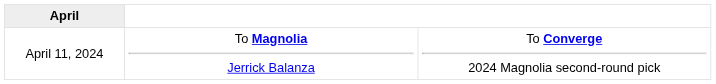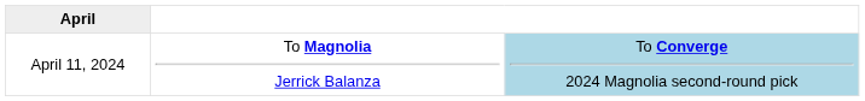 <table border=1 style="border-collapse:collapse; text-align: center; width: 100%" bordercolor="#DFDFDF"  cellpadding="5">
 <tr bgcolor="eeeeee">
 <th>April</th>
 </tr>
 <tr>
 <td style="width:12%">April 11, 2024</td>
 <td style="width:29.3%" valign="top">To <strong><a href='#'>Magnolia</a></strong><hr><a href='#'>Jerrick Balanza</a></td>
-<td style="width:29.3%" valign="top">To <strong><a href='#'>Converge</a></strong><hr>2024 Magnolia second-round pick</td>
+<td style="background: lightblue; width:29.3%" valign="top">To <strong><a href='#'>Converge</a></strong><hr>2024 Magnolia second-round pick</td>
 </tr>
 </table>
